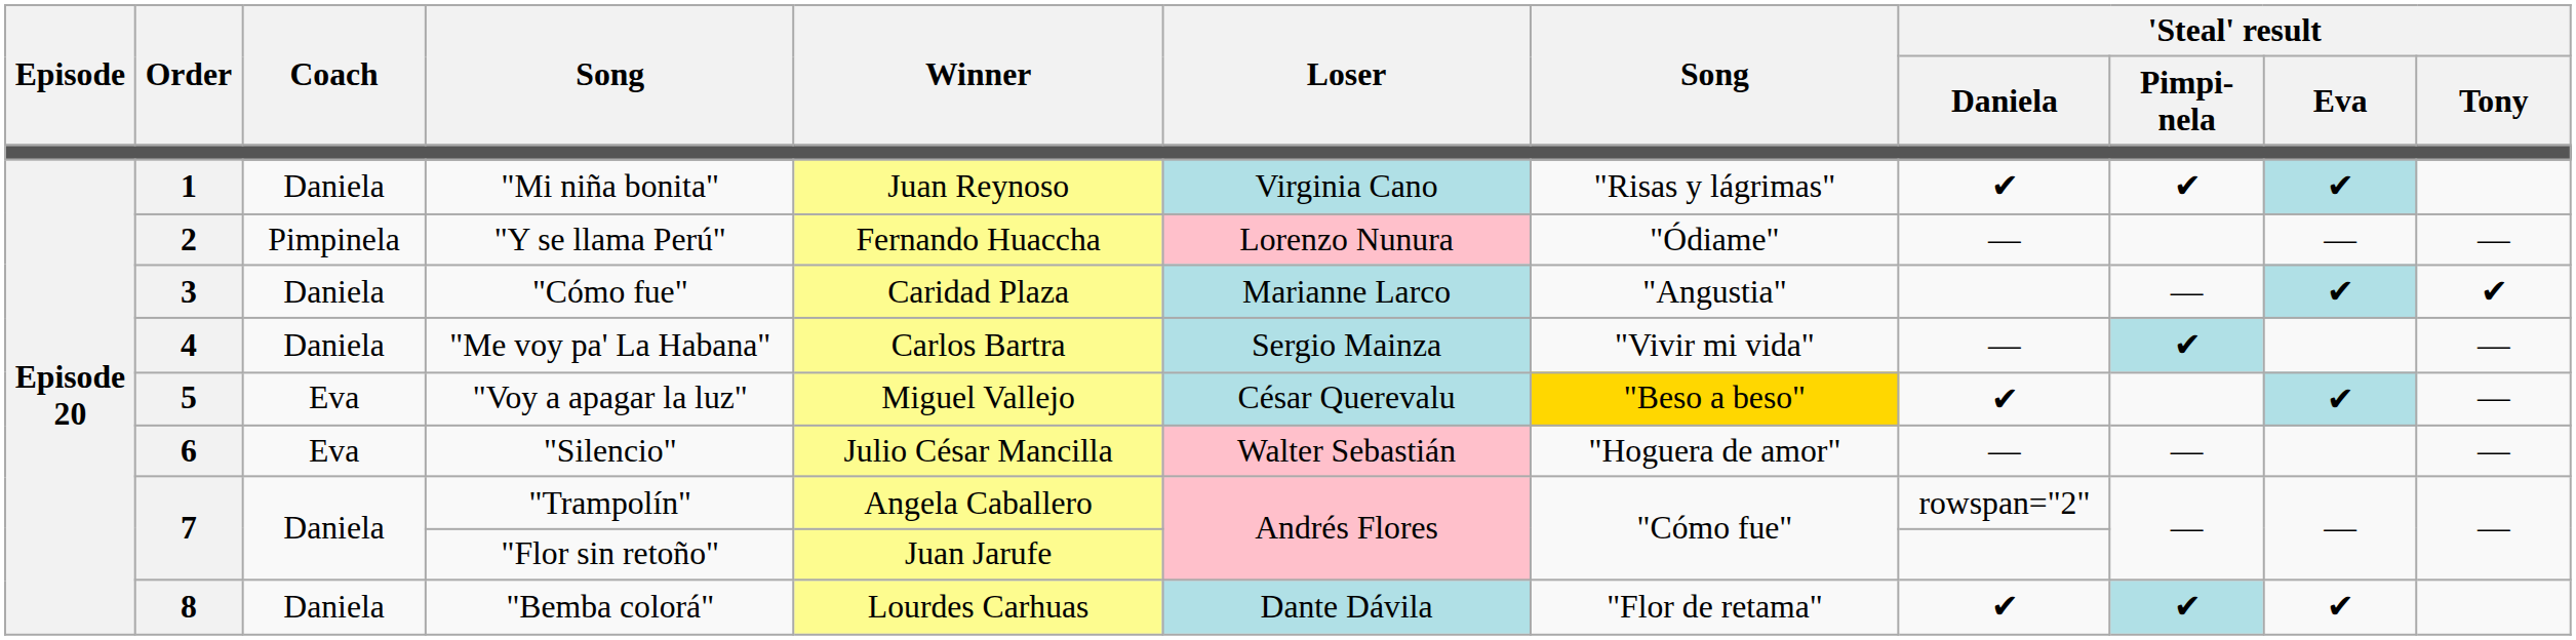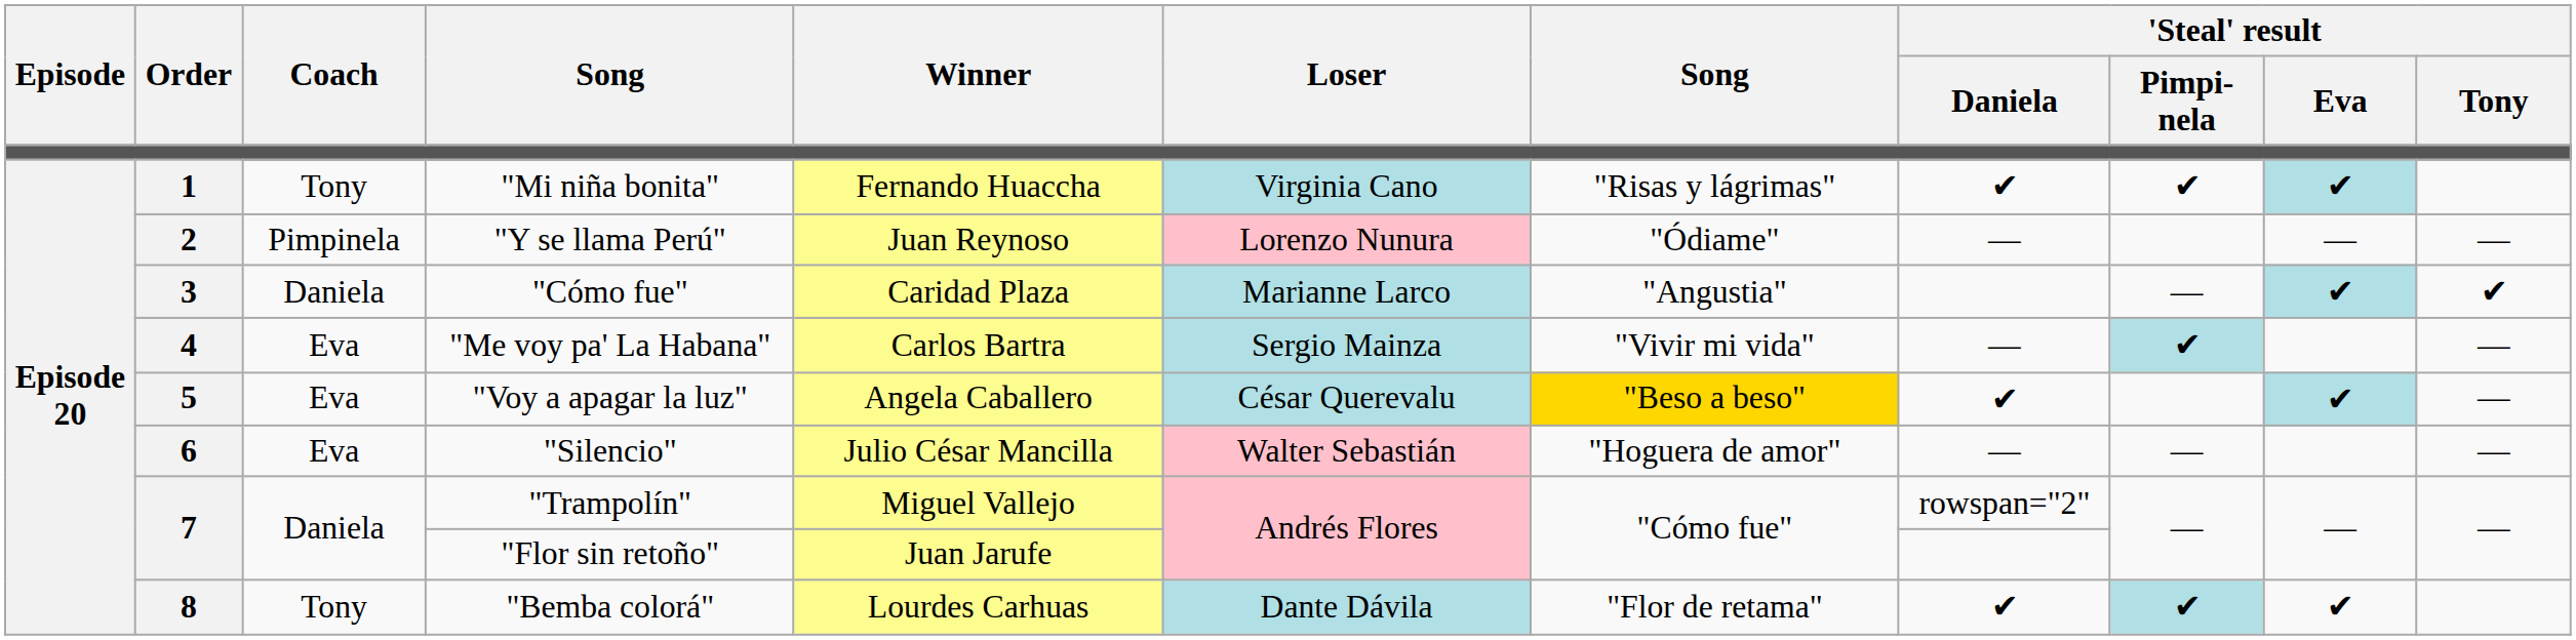 <table class="wikitable" style="text-align: center; width:100%">
 <tr>
 <th rowspan="2" style="width:01%">Episode</th>
 <th rowspan="2" style="width:01%">Order</th>
 <th rowspan="2" style="width:06%">Coach</th>
 <th rowspan="2" style="width:12%">Song</th>
 <th rowspan="2" style="width:12%">Winner</th>
 <th rowspan="2" style="width:12%">Loser</th>
 <th rowspan="2" style="width:12%">Song</th>
 <th colspan="4" style="width:20%">'Steal' result</th>
 </tr>
 <tr>
 <th style="width:05%">Daniela</th>
 <th style="width:05%">Pimpi-nela</th>
 <th style="width:05%">Eva</th>
 <th style="width:05%">Tony</th>
 </tr>
 <tr>
 <td colspan="11" style="background:#555"></td>
 </tr>
 <tr>
 <th rowspan="9">Episode 20<br></th>
 <th>1</th>
-<td>Daniela</td>
+<td>Tony</td>
 <td>"Mi niña bonita"</td>
-<td style="background:#fdfc8f">Juan Reynoso</td>
+<td style="background:#fdfc8f">Fernando Huaccha</td>
 <td style="background:#b0e0e6">Virginia Cano</td>
 <td>"Risas y lágrimas"</td>
 <td>✔</td>
 <td>✔</td>
 <td style="background:#b0e0e6">✔</td>
 <td></td>
 </tr>
 <tr>
 <th>2</th>
 <td>Pimpinela</td>
 <td>"Y se llama Perú"</td>
-<td style="background:#fdfc8f">Fernando Huaccha</td>
+<td style="background:#fdfc8f">Juan Reynoso</td>
 <td style="background:pink">Lorenzo Nunura</td>
 <td>"Ódiame"</td>
 <td>—</td>
 <td></td>
 <td>—</td>
 <td>—</td>
 </tr>
 <tr>
 <th>3</th>
 <td>Daniela</td>
 <td>"Cómo fue"</td>
 <td style="background:#fdfc8f">Caridad Plaza</td>
 <td style="background:#b0e0e6">Marianne Larco</td>
 <td>"Angustia"</td>
 <td></td>
 <td>—</td>
 <td style="background:#b0e0e6">✔</td>
 <td>✔</td>
 </tr>
 <tr>
 <th>4</th>
-<td>Daniela</td>
+<td>Eva</td>
 <td>"Me voy pa' La Habana"</td>
 <td style="background:#fdfc8f">Carlos Bartra</td>
 <td style="background:#b0e0e6">Sergio Mainza</td>
 <td>"Vivir mi vida"</td>
 <td>—</td>
 <td style="background:#b0e0e6">✔</td>
 <td></td>
 <td>—</td>
 </tr>
 <tr>
 <th>5</th>
 <td>Eva</td>
 <td>"Voy a apagar la luz"</td>
-<td style="background:#fdfc8f">Miguel Vallejo</td>
+<td style="background:#fdfc8f">Angela Caballero</td>
 <td style="background:#b0e0e6">César Querevalu</td>
 <td style="background: gold;">"Beso a beso"</td>
 <td>✔</td>
 <td></td>
 <td style="background:#b0e0e6">✔</td>
 <td>—</td>
 </tr>
 <tr>
 <th>6</th>
 <td>Eva</td>
 <td>"Silencio"</td>
 <td style="background:#fdfc8f">Julio César Mancilla</td>
 <td style="background:pink">Walter Sebastián</td>
 <td>"Hoguera de amor"</td>
 <td>—</td>
 <td>—</td>
 <td></td>
 <td>—</td>
 </tr>
 <tr>
 <th rowspan="2">7</th>
 <td rowspan="2">Daniela</td>
 <td>"Trampolín"</td>
-<td style="background:#fdfc8f">Angela Caballero</td>
+<td style="background:#fdfc8f">Miguel Vallejo</td>
 <td rowspan="2" bgcolor="pink">Andrés Flores</td>
 <td rowspan="2">"Cómo fue"</td>
 <td>rowspan="2" </td>
 <td rowspan="2">—</td>
 <td rowspan="2">—</td>
 <td rowspan="2">—</td>
 </tr>
 <tr>
 <td>"Flor sin retoño"</td>
 <td style="background:#fdfc8f">Juan Jarufe</td>
 </tr>
 <tr>
 <th>8</th>
-<td>Daniela</td>
+<td>Tony</td>
 <td>"Bemba colorá"</td>
 <td style="background:#fdfc8f">Lourdes Carhuas</td>
 <td style="background:#b0e0e6">Dante Dávila</td>
 <td>"Flor de retama"</td>
 <td>✔</td>
 <td style="background:#b0e0e6">✔</td>
 <td>✔</td>
 <td></td>
 </tr>
 </table>
